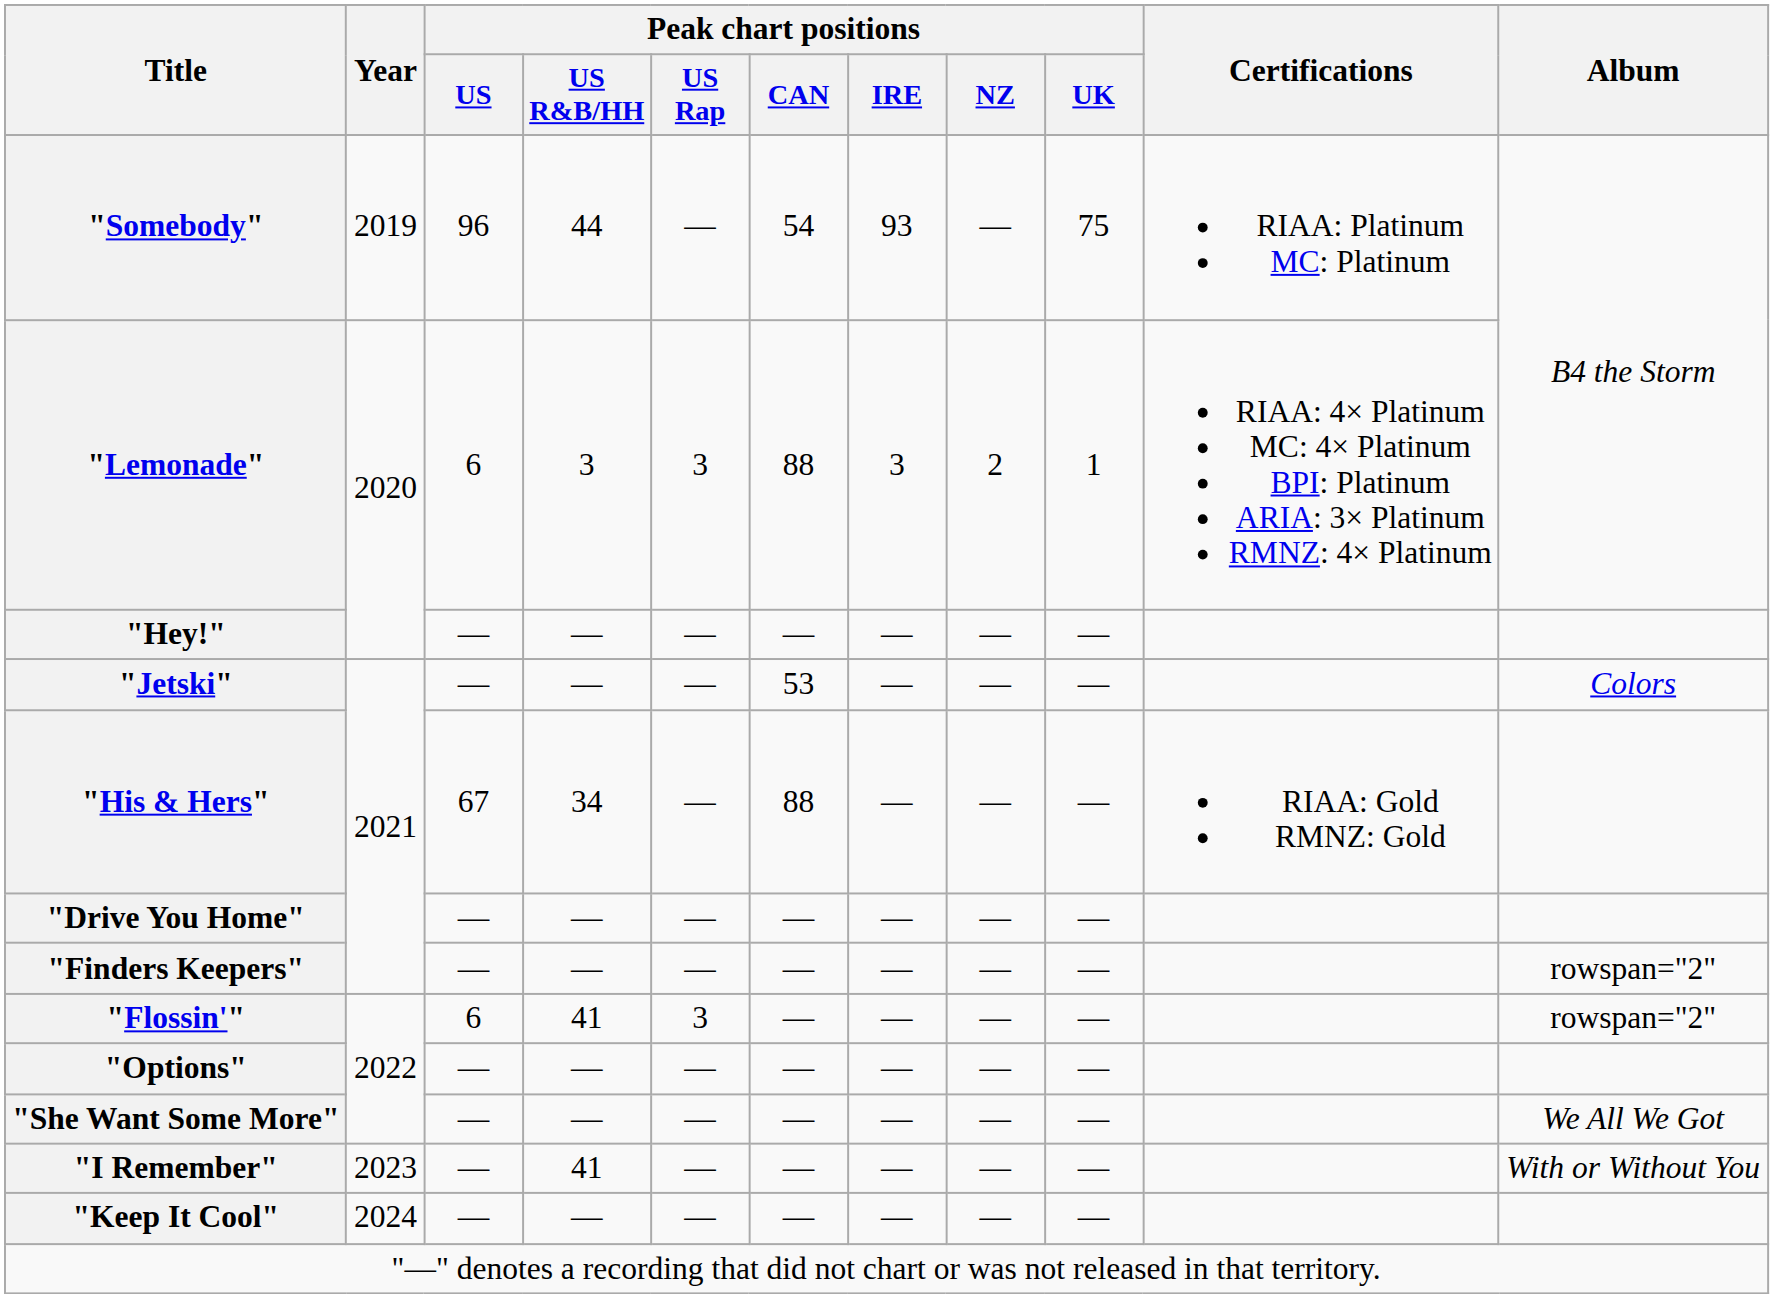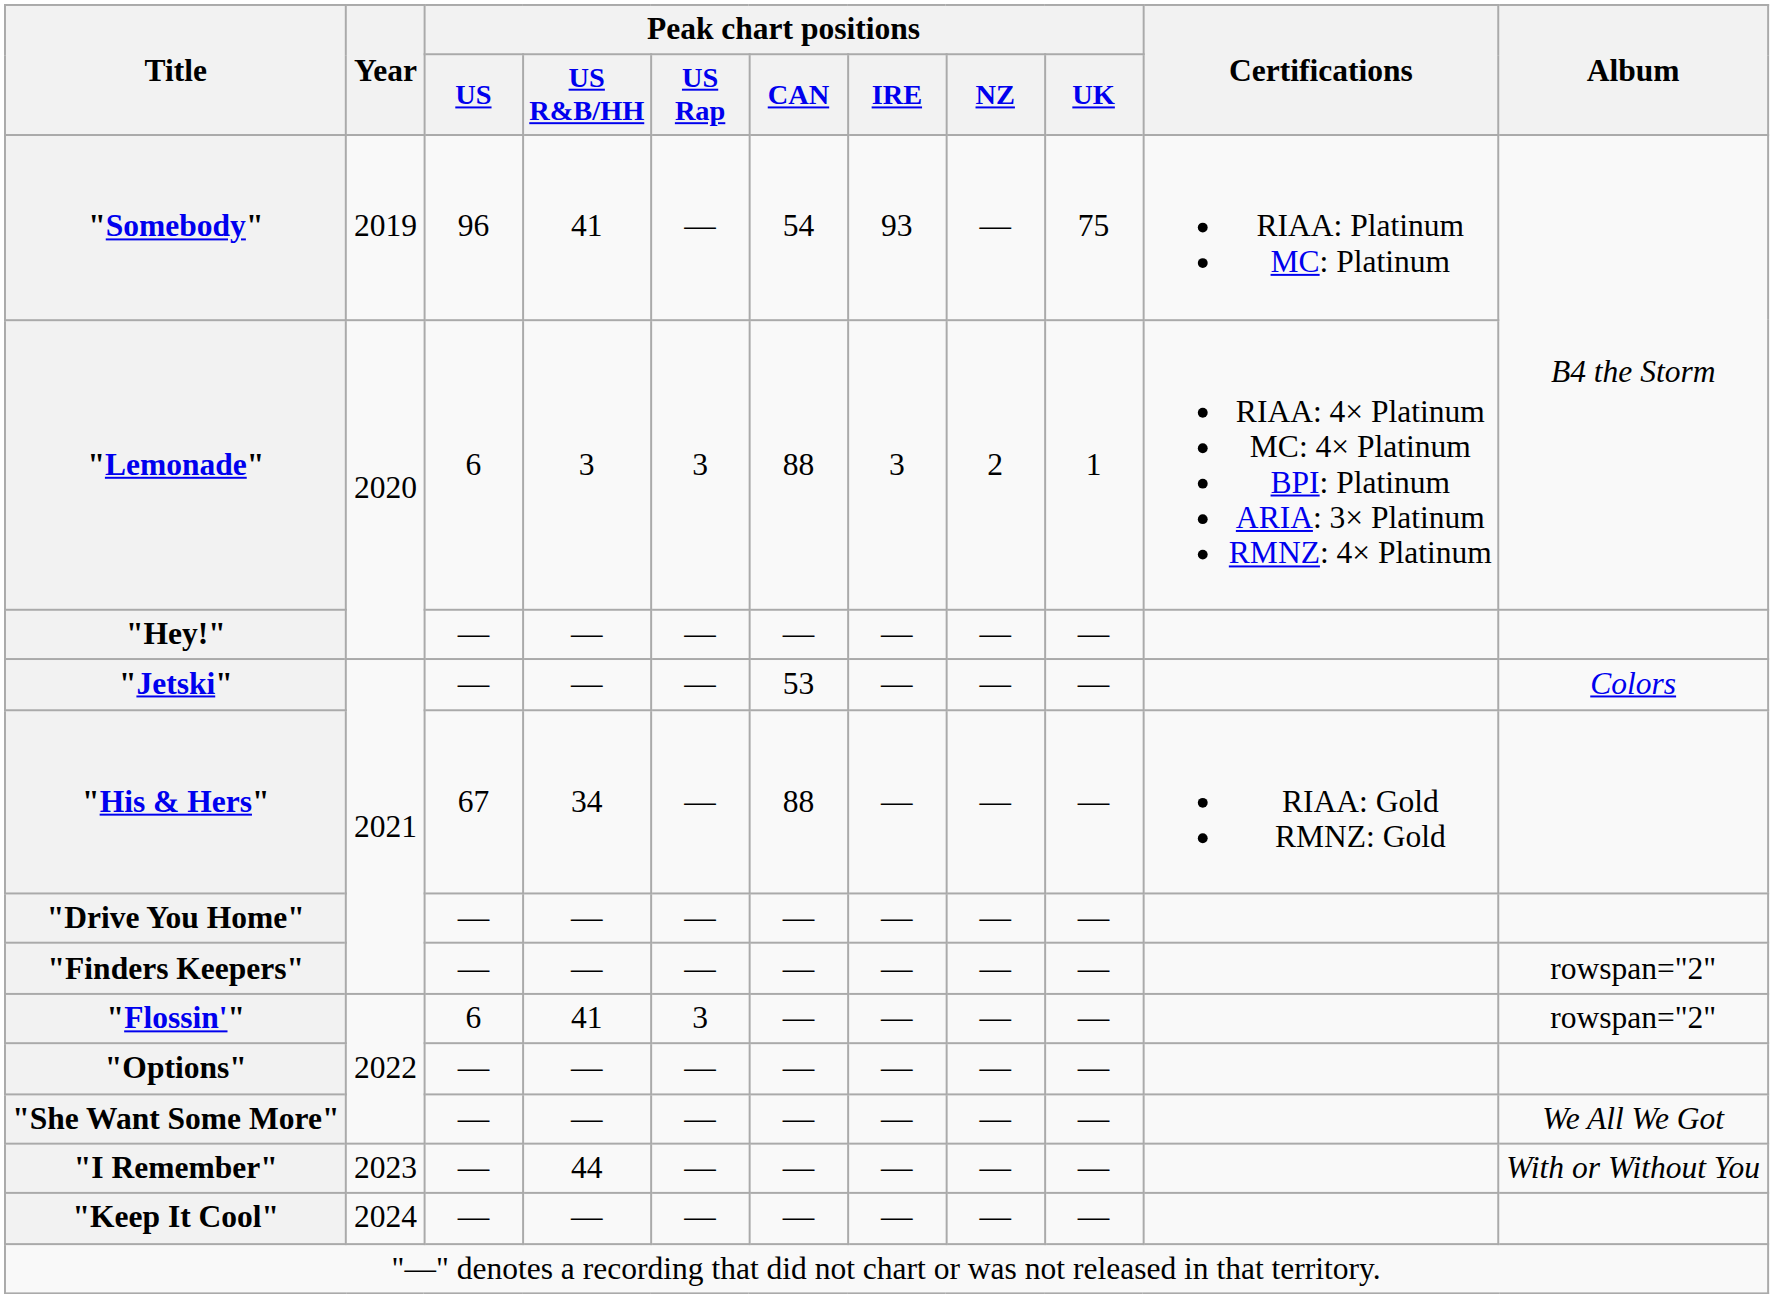 <table class="wikitable plainrowheaders" style="text-align:center;">
 <tr>
 <th scope="col" rowspan="2">Title</th>
 <th scope="col" rowspan="2">Year</th>
 <th scope="col" colspan="7">Peak chart positions</th>
 <th scope="col" rowspan="2">Certifications</th>
 <th scope="col" rowspan="2">Album</th>
 </tr>
 <tr>
 <th scope="col" style="width:3em;font-size:90%;"><a href='#'>US</a><br></th>
 <th scope="col" style="width:3em;font-size:90%;"><a href='#'>US<br>R&B/HH</a><br></th>
 <th scope="col" style="width:3em;font-size:90%;"><a href='#'>US Rap</a><br></th>
 <th scope="col" style="width:3em;font-size:90%;"><a href='#'>CAN</a><br></th>
 <th scope="col" style="width:3em;font-size:90%;"><a href='#'>IRE</a></th>
 <th scope="col" style="width:3em;font-size:90%;"><a href='#'>NZ</a><br></th>
 <th scope="col" style="width:3em;font-size:90%;"><a href='#'>UK</a></th>
 </tr>
 <tr>
 <th scope="row">"<a href='#'>Somebody</a>"<br></th>
 <td>2019</td>
 <td>96</td>
-<td>44</td>
+<td>41</td>
 <td>—</td>
 <td>54</td>
 <td>93</td>
 <td>—</td>
 <td>75</td>
 <td><br><ul><li>RIAA: Platinum</li><li><a href='#'>MC</a>: Platinum</li></ul></td>
 <td rowspan="2"><em>B4 the Storm</em></td>
 </tr>
 <tr>
 <th scope="row">"<a href='#'>Lemonade</a>"<br></th>
 <td rowspan="2">2020</td>
 <td>6</td>
 <td>3</td>
 <td>3</td>
 <td>88</td>
 <td>3</td>
 <td>2</td>
 <td>1</td>
 <td><br><ul><li>RIAA: 4× Platinum</li><li>MC: 4× Platinum</li><li><a href='#'>BPI</a>: Platinum</li><li><a href='#'>ARIA</a>: 3× Platinum</li><li><a href='#'>RMNZ</a>: 4× Platinum</li></ul></td>
 </tr>
 <tr>
 <th scope="row">"Hey!"<br></th>
 <td>—</td>
 <td>—</td>
 <td>—</td>
 <td>—</td>
 <td>—</td>
 <td>—</td>
 <td>—</td>
 <td></td>
 <td></td>
 </tr>
 <tr>
 <th scope="row">"<a href='#'>Jetski</a>"<br></th>
 <td rowspan="4">2021</td>
 <td>—</td>
 <td>—</td>
 <td>—</td>
 <td>53</td>
 <td>—</td>
 <td>—</td>
 <td>—</td>
 <td></td>
 <td><em><a href='#'>Colors</a></em></td>
 </tr>
 <tr>
 <th scope="row">"<a href='#'>His & Hers</a>"<br></th>
 <td>67</td>
 <td>34</td>
 <td>—</td>
 <td>88</td>
 <td>—</td>
 <td>—</td>
 <td>—</td>
 <td><br><ul><li>RIAA: Gold</li><li>RMNZ: Gold</li></ul></td>
 </tr>
 <tr>
 <th scope="row">"Drive You Home"<br></th>
 <td>—</td>
 <td>—</td>
 <td>—</td>
 <td>—</td>
 <td>—</td>
 <td>—</td>
 <td>—</td>
 <td></td>
 <td></td>
 </tr>
 <tr>
 <th scope="row">"Finders Keepers"<br></th>
 <td>—</td>
 <td>—</td>
 <td>—</td>
 <td>—</td>
 <td>—</td>
 <td>—</td>
 <td>—</td>
 <td></td>
 <td>rowspan="2" </td>
 </tr>
 <tr>
 <th scope="row">"<a href='#'>Flossin'</a>"<br></th>
 <td rowspan="3">2022</td>
 <td>6</td>
 <td>41</td>
 <td>3</td>
 <td>—</td>
 <td>—</td>
 <td>—</td>
 <td>—</td>
 <td></td>
 <td>rowspan="2" </td>
 </tr>
 <tr>
 <th scope="row">"Options"<br></th>
 <td>—</td>
 <td>—</td>
 <td>—</td>
 <td>—</td>
 <td>—</td>
 <td>—</td>
 <td>—</td>
 <td></td>
 <td></td>
 </tr>
 <tr>
 <th scope="row">"She Want Some More"<br></th>
 <td>—</td>
 <td>—</td>
 <td>—</td>
 <td>—</td>
 <td>—</td>
 <td>—</td>
 <td>—</td>
 <td></td>
 <td><em>We All We Got</em></td>
 </tr>
 <tr>
 <th scope="row">"I Remember"<br></th>
 <td>2023</td>
 <td>—</td>
-<td>41</td>
+<td>44</td>
 <td>—</td>
 <td>—</td>
 <td>—</td>
 <td>—</td>
 <td>—</td>
 <td></td>
 <td><em>With or Without You</em></td>
 </tr>
 <tr>
 <th scope="row">"Keep It Cool"<br></th>
 <td>2024</td>
 <td>—</td>
 <td>—</td>
 <td>—</td>
 <td>—</td>
 <td>—</td>
 <td>—</td>
 <td>—</td>
 <td></td>
 </tr>
 <tr>
 <td colspan="11">"—" denotes a recording that did not chart or was not released in that territory.</td>
 </tr>
 </table>
